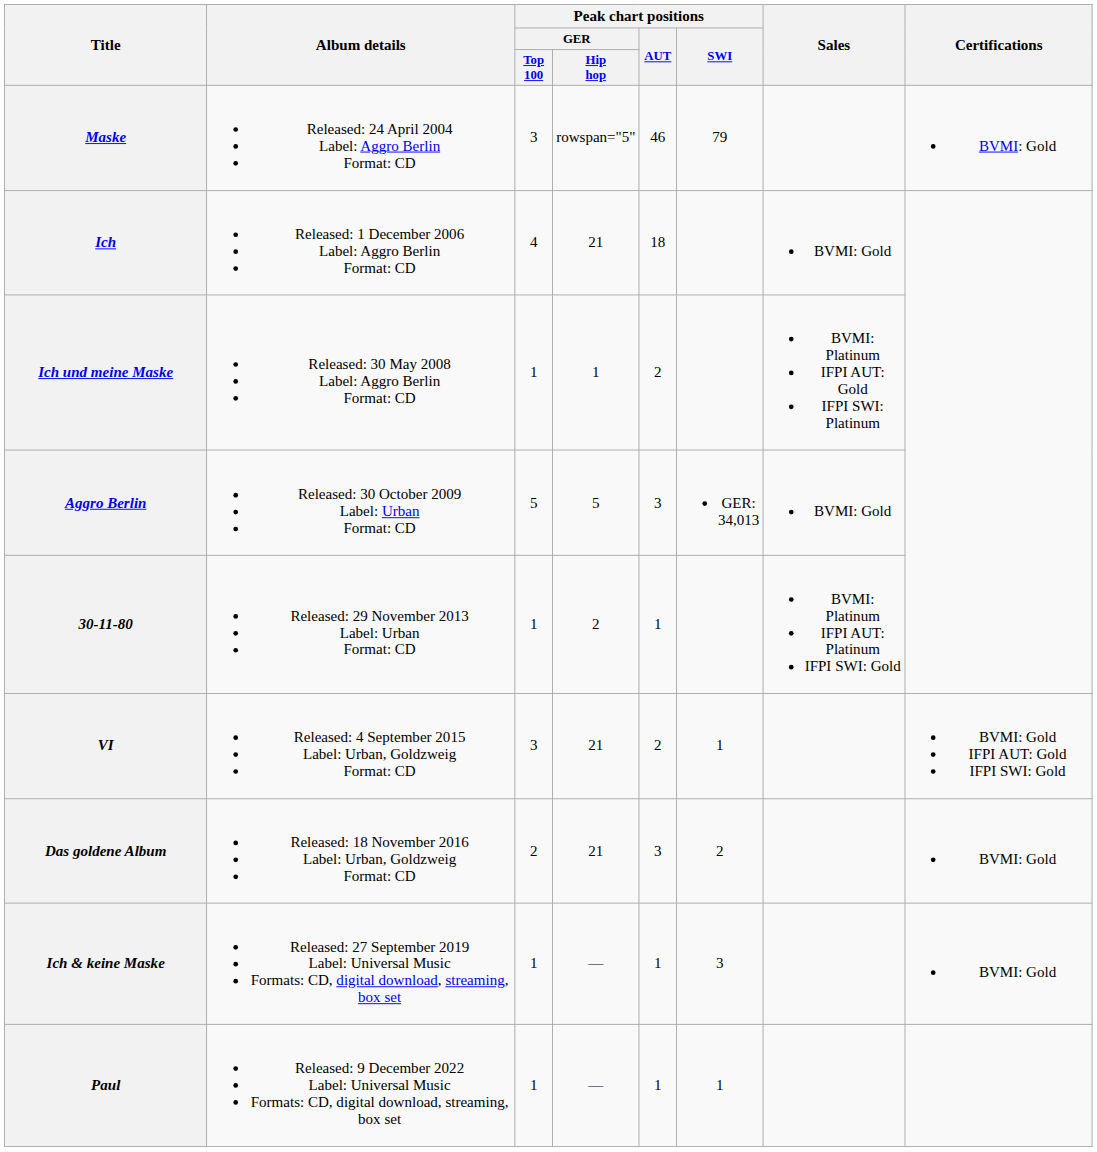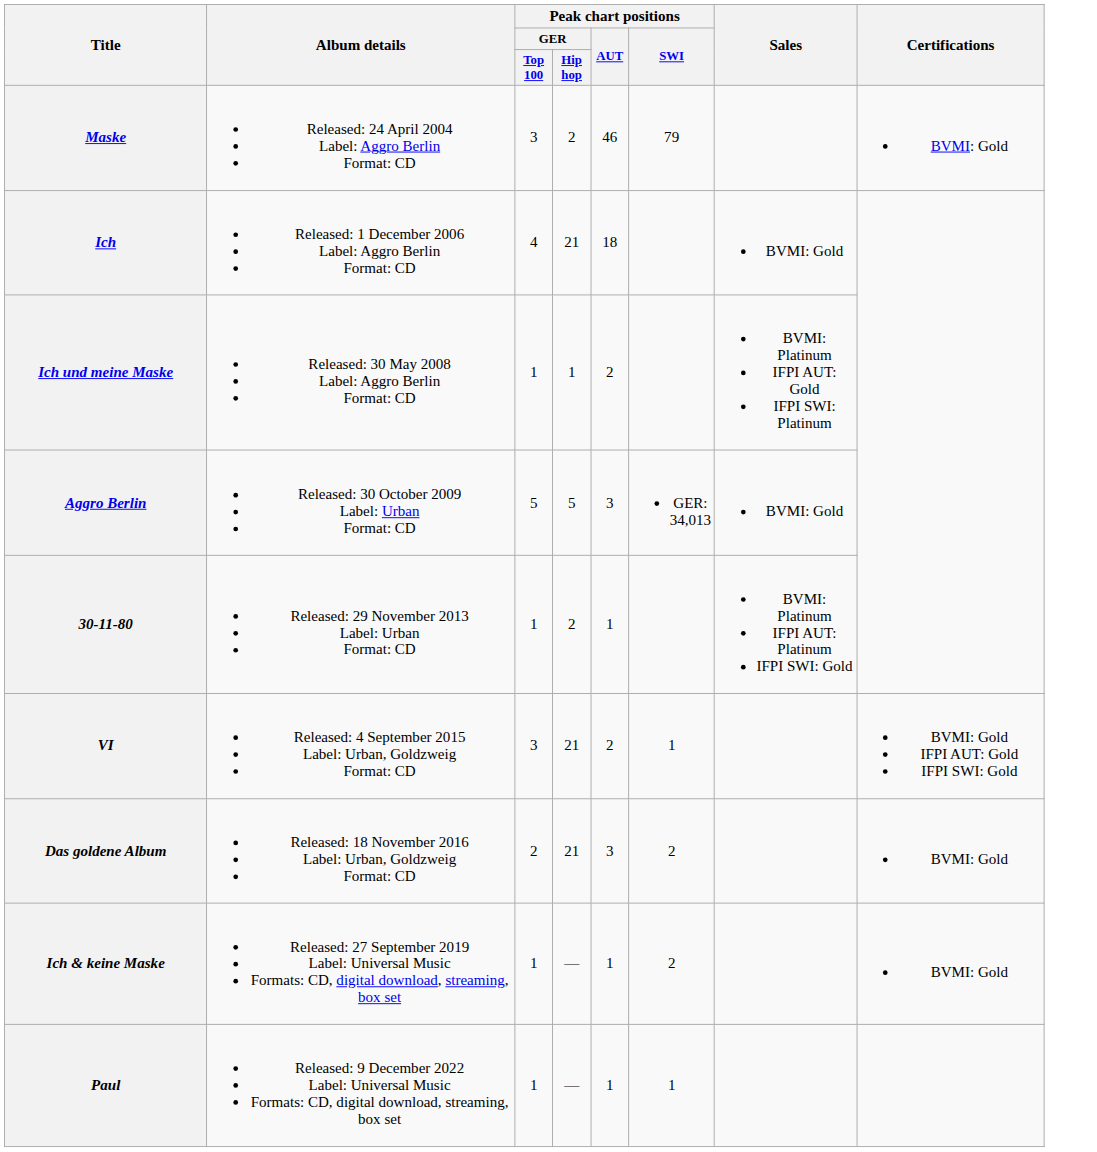 <table class="wikitable plainrowheaders" style="text-align:center;">
 <tr>
 <th scope="col" rowspan="3" style="width:13em;">Title</th>
 <th scope="col" rowspan="3" style="width:20em;">Album details</th>
 <th scope="col" colspan="4">Peak chart positions</th>
 <th scope="col" rowspan="3" style="width:9em;">Sales</th>
 <th scope="col" rowspan="3" style="width:12em;">Certifications</th>
 </tr>
 <tr>
 <th scope="col" style="width:2.5em; font-size:85%" colspan="2">GER</th>
 <th style="width:2.5em; font-size:85%" rowspan="2"><a href='#'>AUT</a><br></th>
 <th style="width:2.5em; font-size:85%" rowspan="2"><a href='#'>SWI</a><br></th>
 </tr>
 <tr>
 <th style="width:2.5em; font-size:85%"><a href='#'>Top<br>100</a><br></th>
 <th style="width:2.5em; font-size:85%"><a href='#'>Hip<br>hop</a></th>
 </tr>
 <tr>
 <th scope="row"><em><a href='#'>Maske</a></em></th>
 <td><br><ul><li>Released: 24 April 2004</li><li>Label: <a href='#'>Aggro Berlin</a></li><li>Format: CD</li></ul></td>
 <td>3</td>
-<td>rowspan="5" </td>
+<td>2</td>
 <td>46</td>
 <td>79</td>
 <td></td>
 <td><br><ul><li><a href='#'>BVMI</a>: Gold</li></ul></td>
 </tr>
 <tr>
 <th scope="row"><em><a href='#'>Ich</a></em></th>
 <td><br><ul><li>Released: 1 December 2006</li><li>Label: Aggro Berlin</li><li>Format: CD</li></ul></td>
 <td>4</td>
 <td>21</td>
 <td>18</td>
 <td></td>
 <td><br><ul><li>BVMI: Gold</li></ul></td>
 </tr>
 <tr>
 <th scope="row"><em><a href='#'>Ich und meine Maske</a></em></th>
 <td><br><ul><li>Released: 30 May 2008</li><li>Label: Aggro Berlin</li><li>Format: CD</li></ul></td>
 <td>1</td>
 <td>1</td>
 <td>2</td>
 <td></td>
 <td><br><ul><li>BVMI: Platinum</li><li>IFPI AUT: Gold</li><li>IFPI SWI: Platinum</li></ul></td>
 </tr>
 <tr>
 <th scope="row"><em><a href='#'>Aggro Berlin</a></em></th>
 <td><br><ul><li>Released: 30 October 2009</li><li>Label: <a href='#'>Urban</a></li><li>Format: CD</li></ul></td>
 <td>5</td>
 <td>5</td>
 <td>3</td>
 <td><br><ul><li>GER: 34,013</li></ul></td>
 <td><br><ul><li>BVMI: Gold</li></ul></td>
 </tr>
 <tr>
 <th scope="row"><em>30-11-80</em></th>
 <td><br><ul><li>Released: 29 November 2013</li><li>Label: Urban</li><li>Format: CD</li></ul></td>
 <td>1</td>
 <td>2</td>
 <td>1</td>
 <td></td>
 <td><br><ul><li>BVMI: Platinum</li><li>IFPI AUT: Platinum</li><li>IFPI SWI: Gold</li></ul></td>
 </tr>
 <tr>
 <th scope="row"><em>VI</em></th>
 <td><br><ul><li>Released: 4 September 2015</li><li>Label: Urban, Goldzweig</li><li>Format: CD</li></ul></td>
 <td>3</td>
 <td>21</td>
 <td>2</td>
 <td>1</td>
 <td></td>
 <td><br><ul><li>BVMI: Gold</li><li>IFPI AUT: Gold</li><li>IFPI SWI: Gold</li></ul></td>
 </tr>
 <tr>
 <th scope="row"><em>Das goldene Album</em></th>
 <td><br><ul><li>Released: 18 November 2016</li><li>Label: Urban, Goldzweig</li><li>Format: CD</li></ul></td>
 <td>2</td>
 <td>21</td>
 <td>3</td>
 <td>2</td>
 <td></td>
 <td><br><ul><li>BVMI: Gold</li></ul></td>
 </tr>
 <tr>
 <th scope="row"><em>Ich & keine Maske</em></th>
 <td><br><ul><li>Released: 27 September 2019</li><li>Label: Universal Music</li><li>Formats: CD, <a href='#'>digital download</a>, <a href='#'>streaming</a>, <a href='#'>box set</a></li></ul></td>
 <td>1</td>
 <td>—</td>
 <td>1</td>
-<td>3</td>
+<td>2</td>
 <td></td>
 <td><br><ul><li>BVMI: Gold</li></ul></td>
 </tr>
 <tr>
 <th scope="row"><em>Paul</em></th>
 <td><br><ul><li>Released: 9 December 2022</li><li>Label: Universal Music</li><li>Formats: CD, digital download, streaming, box set</li></ul></td>
 <td>1</td>
 <td>—</td>
 <td>1</td>
 <td>1</td>
 <td></td>
 <td></td>
 </tr>
 </table>
